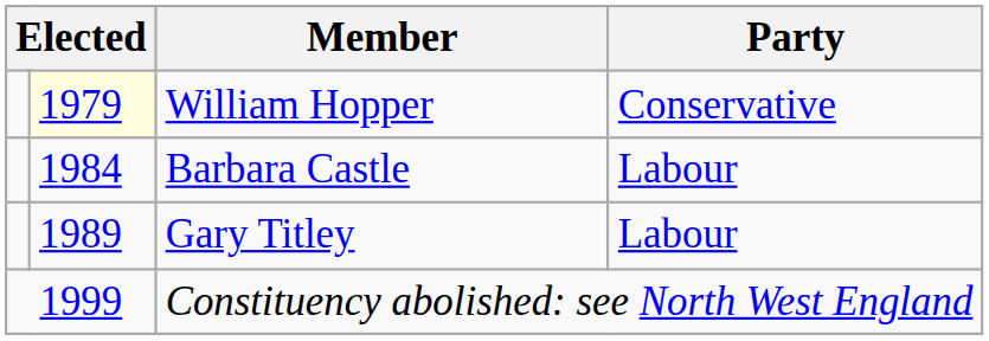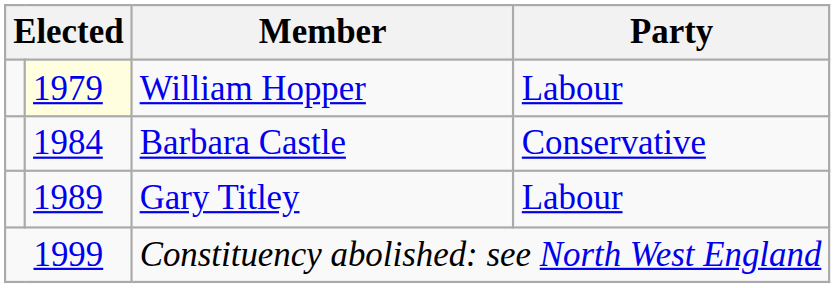 <table class="wikitable">
 <tr>
 <th colspan = "2">Elected</th>
 <th>Member</th>
 <th>Party</th>
 </tr>
 <tr>
 <td style="background-color: "></td>
 <td style="background: lightyellow;"><a href='#'>1979</a></td>
 <td><a href='#'>William Hopper</a></td>
-<td><a href='#'>Conservative</a></td>
+<td><a href='#'>Labour</a></td>
 </tr>
 <tr>
 <td style="background-color: "></td>
 <td><a href='#'>1984</a></td>
 <td><a href='#'>Barbara Castle</a></td>
-<td><a href='#'>Labour</a></td>
+<td><a href='#'>Conservative</a></td>
 </tr>
 <tr>
 <td style="background-color: "></td>
 <td><a href='#'>1989</a></td>
 <td><a href='#'>Gary Titley</a></td>
 <td><a href='#'>Labour</a></td>
 </tr>
 <tr>
 <td colspan="2" align="center"><a href='#'>1999</a></td>
 <td colspan="2"><em>Constituency abolished: see <a href='#'>North West England</a></em></td>
 </tr>
 </table>
